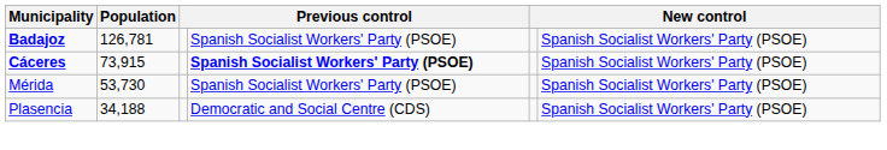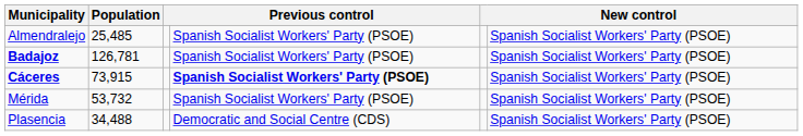 <table class="wikitable sortable">
 <tr>
 <th>Municipality</th>
 <th>Population</th>
 <th colspan="2" style="width:375px;">Previous control</th>
 <th colspan="2" style="width:375px;">New control</th>
+</tr>
+<tr>
+<td><a href='#'>Almendralejo</a></td>
+<td>25,485</td>
+<td width="1" style="color:inherit;background:"></td>
+<td><a href='#'>Spanish Socialist Workers' Party</a> (PSOE)</td>
+<td width="1" style="color:inherit;background:"></td>
+<td><a href='#'>Spanish Socialist Workers' Party</a> (PSOE)</td>
 </tr>
 <tr>
 <td><strong><a href='#'>Badajoz</a></strong></td>
 <td>126,781</td>
 <td style="color:inherit;background:"></td>
 <td><a href='#'>Spanish Socialist Workers' Party</a> (PSOE)</td>
 <td style="color:inherit;background:"></td>
 <td><a href='#'>Spanish Socialist Workers' Party</a> (PSOE)</td>
 </tr>
 <tr>
 <td><strong><a href='#'>Cáceres</a></strong></td>
 <td>73,915</td>
 <td style="color:inherit;background:"></td>
 <td><strong><a href='#'>Spanish Socialist Workers' Party</a> (PSOE)</strong></td>
 <td style="color:inherit;background:"></td>
 <td><a href='#'>Spanish Socialist Workers' Party</a> (PSOE)</td>
 </tr>
 <tr>
 <td><a href='#'>Mérida</a></td>
-<td>53,730</td>
+<td>53,732</td>
 <td style="color:inherit;background:"></td>
 <td><a href='#'>Spanish Socialist Workers' Party</a> (PSOE)</td>
 <td style="color:inherit;background:"></td>
 <td><a href='#'>Spanish Socialist Workers' Party</a> (PSOE)</td>
 </tr>
 <tr>
 <td><a href='#'>Plasencia</a></td>
-<td>34,188</td>
+<td>34,488</td>
 <td style="color:inherit;background:"></td>
 <td><a href='#'>Democratic and Social Centre</a> (CDS)</td>
 <td style="color:inherit;background:"></td>
 <td><a href='#'>Spanish Socialist Workers' Party</a> (PSOE)</td>
 </tr>
 </table>
